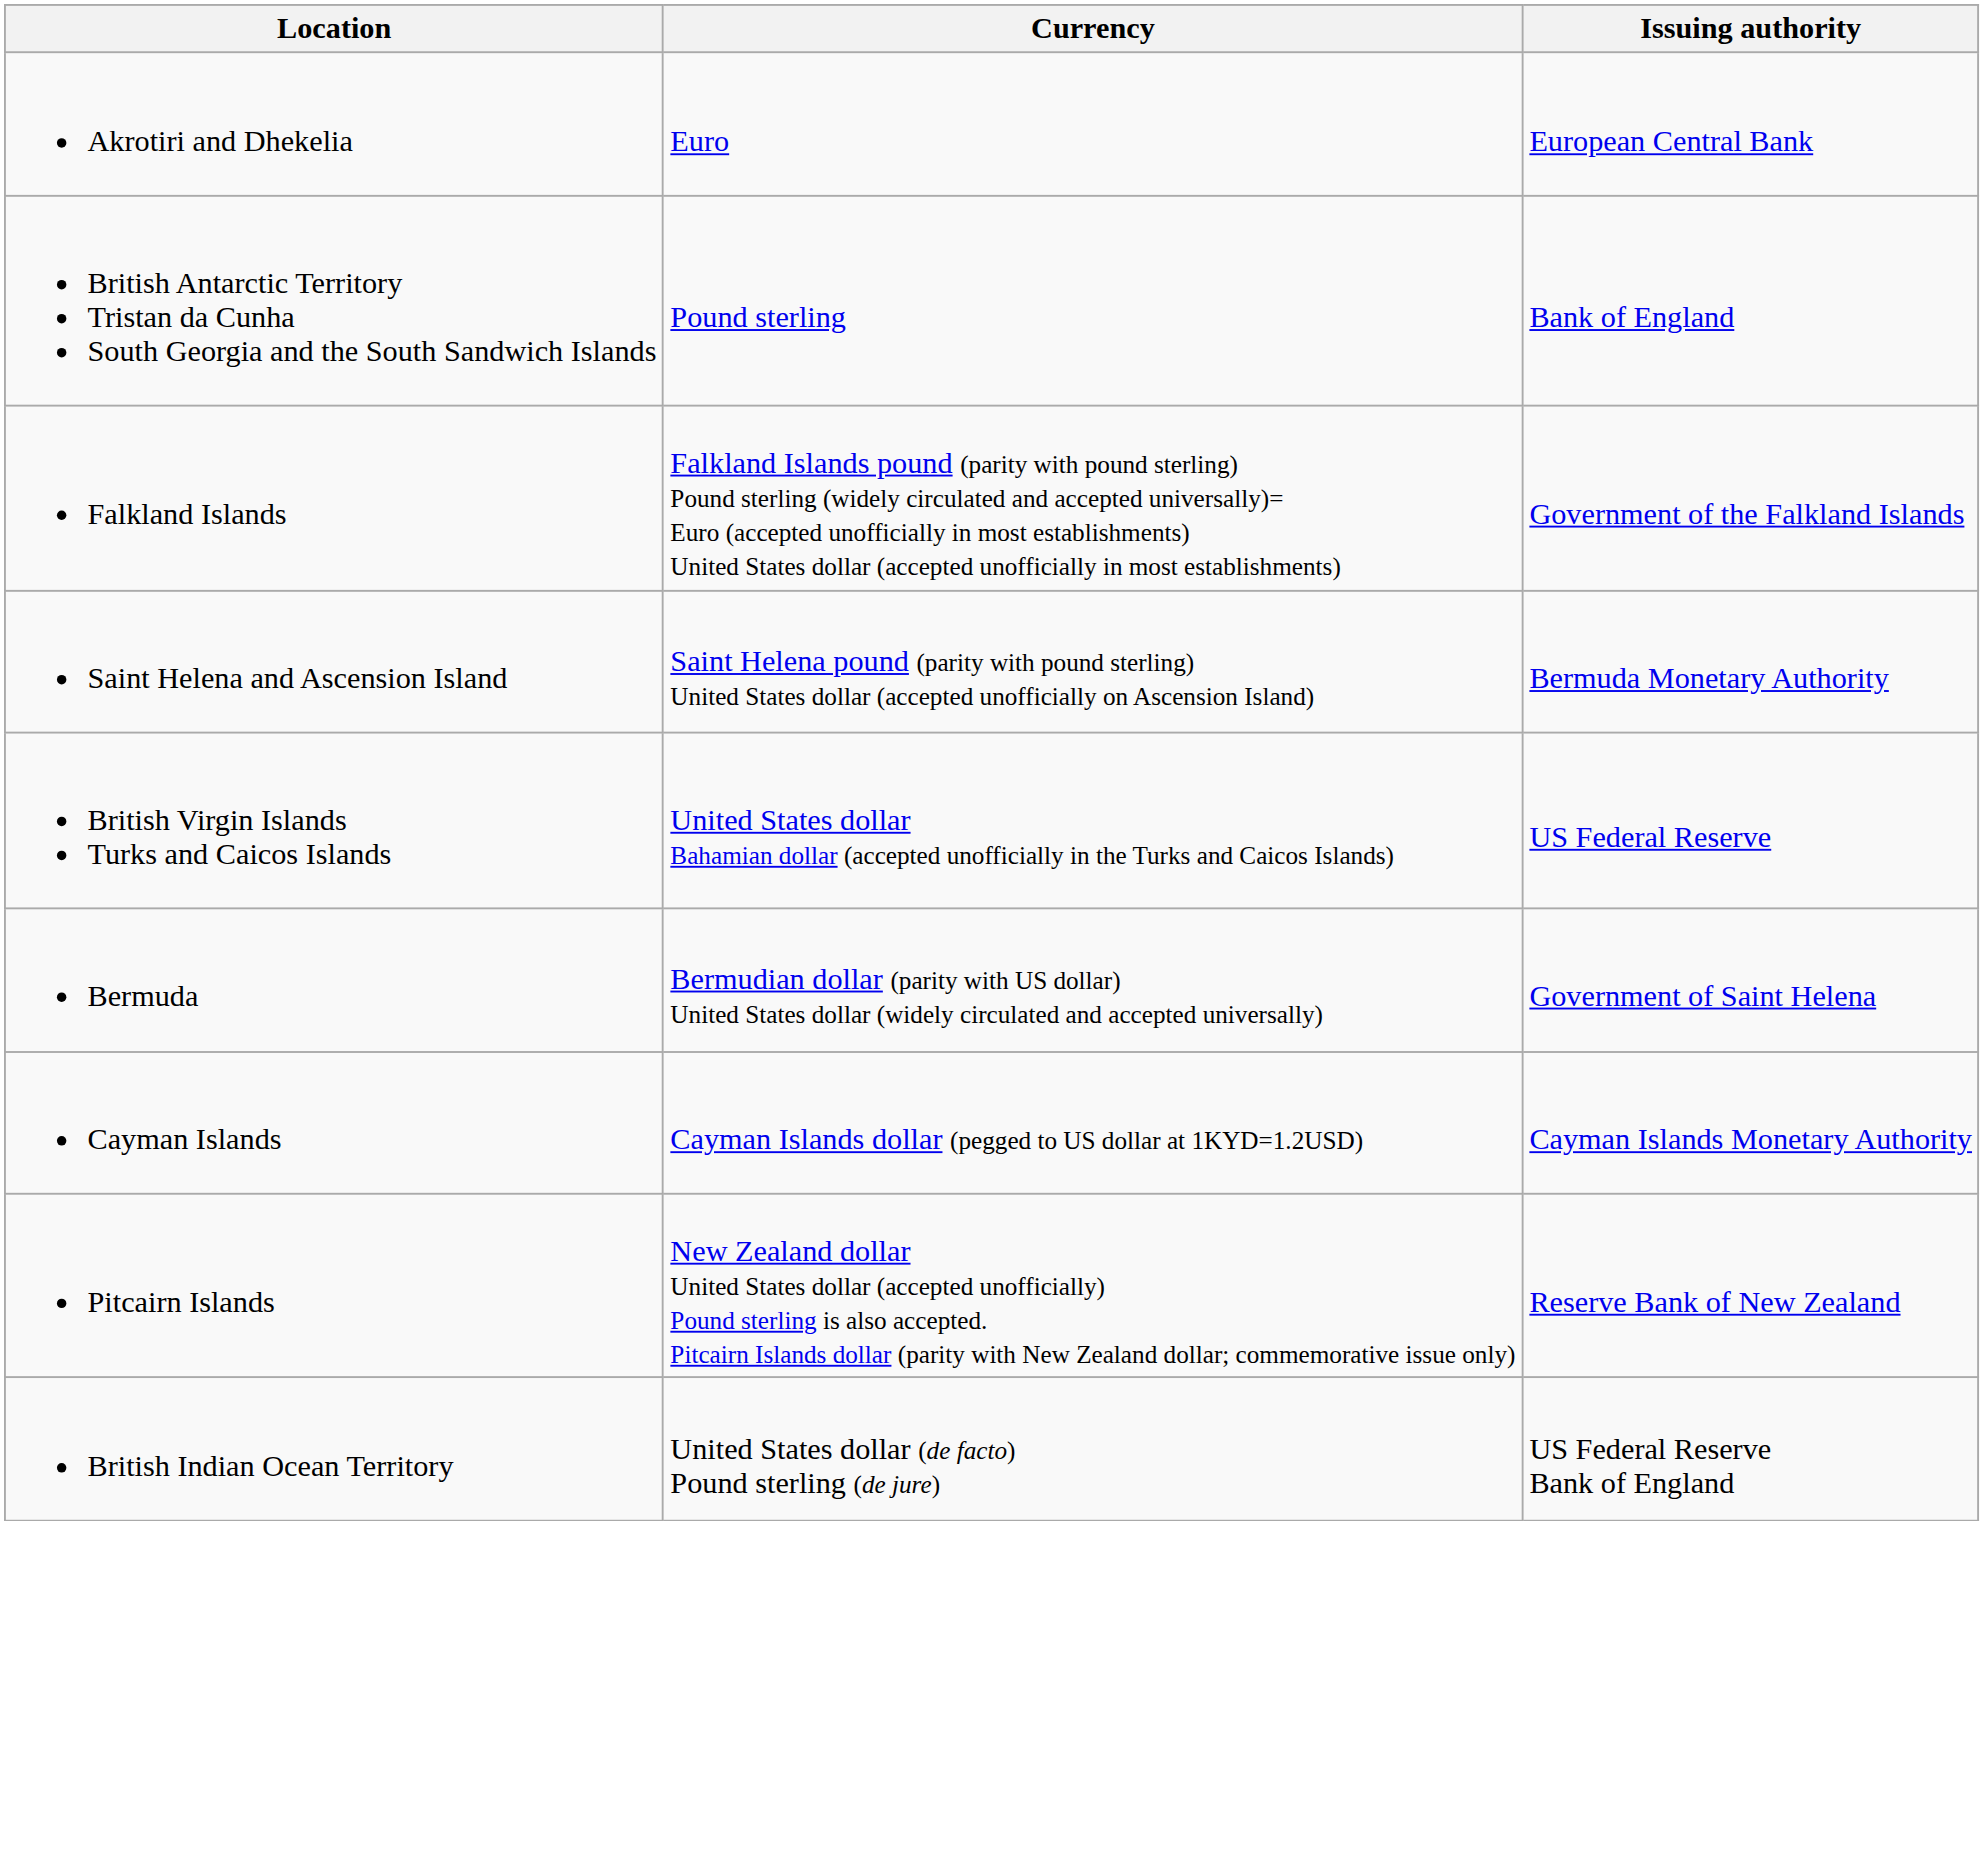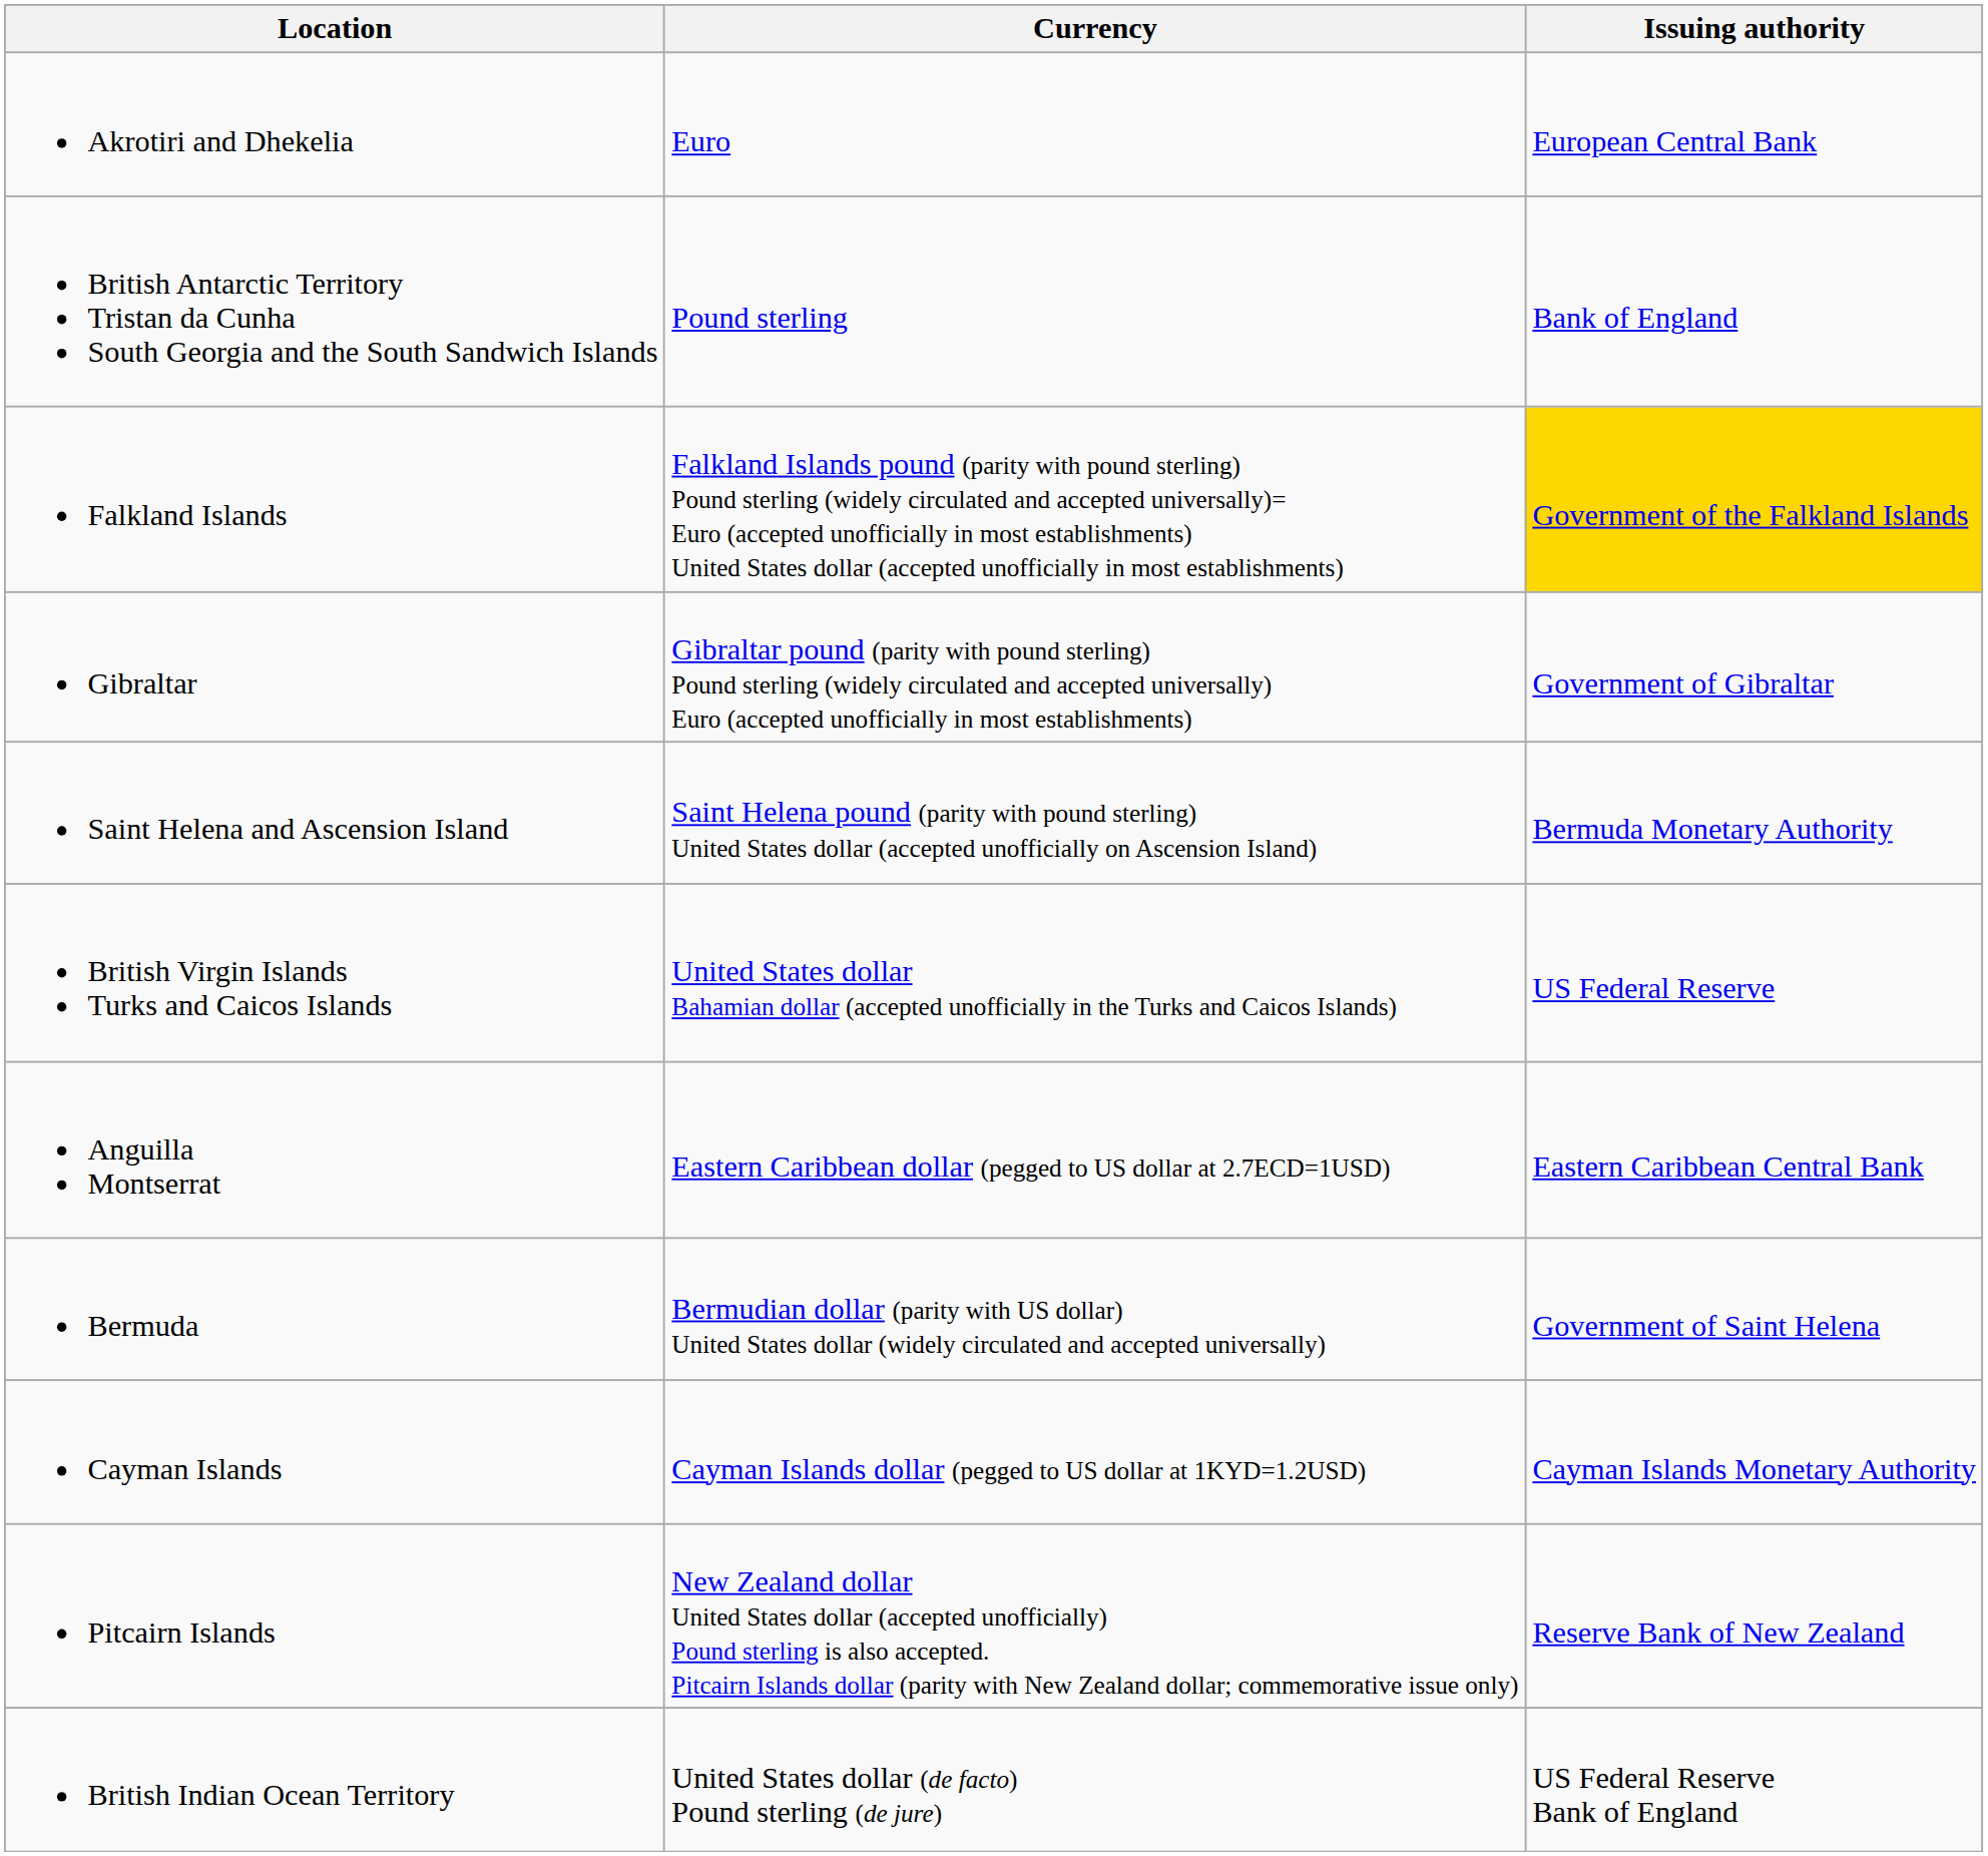 <table class="wikitable">
 <tr>
 <th>Location</th>
 <th>Currency</th>
 <th>Issuing authority</th>
 </tr>
 <tr>
 <td><br><ul><li>Akrotiri and Dhekelia</li></ul></td>
 <td><br><a href='#'>Euro</a></td>
 <td><br><a href='#'>European Central Bank</a></td>
 </tr>
 <tr>
 <td><br><ul><li>British Antarctic Territory</li><li>Tristan da Cunha</li><li>South Georgia and the South Sandwich Islands</li></ul></td>
 <td><br><a href='#'>Pound sterling</a></td>
 <td><br><a href='#'>Bank of England</a></td>
 </tr>
 <tr>
 <td><br><ul><li>Falkland Islands</li></ul></td>
 <td><br><a href='#'>Falkland Islands pound</a> <small>(parity with pound sterling)<br> Pound sterling (widely circulated and accepted universally)=<br> Euro (accepted unofficially in most establishments)<br> United States dollar (accepted unofficially in most establishments)</small></td>
-<td><br><a href='#'>Government of the Falkland Islands</a></td>
+<td style="background: gold;"><br><a href='#'>Government of the Falkland Islands</a></td>
+</tr>
+<tr>
+<td><br><ul><li>Gibraltar</li></ul></td>
+<td><br><a href='#'>Gibraltar pound</a> <small>(parity with pound sterling)<br> Pound sterling (widely circulated and accepted universally)<br> Euro (accepted unofficially in most establishments)</small></td>
+<td><br><a href='#'>Government of Gibraltar</a></td>
 </tr>
 <tr>
 <td><br><ul><li>Saint Helena and Ascension Island</li></ul></td>
 <td><br><a href='#'>Saint Helena pound</a> <small>(parity with pound sterling)<br> United States dollar (accepted unofficially on Ascension Island)</small></td>
 <td><br><a href='#'>Bermuda Monetary Authority</a></td>
 </tr>
 <tr>
 <td><br><ul><li>British Virgin Islands</li><li>Turks and Caicos Islands</li></ul></td>
 <td><br><a href='#'>United States dollar</a><br> <small><a href='#'>Bahamian dollar</a> (accepted unofficially in the Turks and Caicos Islands)</small></td>
 <td><br><a href='#'>US Federal Reserve</a></td>
+</tr>
+<tr>
+<td><br><ul><li>Anguilla</li><li>Montserrat</li></ul></td>
+<td><br><a href='#'>Eastern Caribbean dollar</a> <small>(pegged to US dollar at 2.7ECD=1USD)</small></td>
+<td><br><a href='#'>Eastern Caribbean Central Bank</a></td>
 </tr>
 <tr>
 <td><br><ul><li>Bermuda</li></ul></td>
 <td><br><a href='#'>Bermudian dollar</a> <small>(parity with US dollar)<br> United States dollar (widely circulated and accepted universally)</small></td>
 <td><br><a href='#'>Government of Saint Helena</a></td>
 </tr>
 <tr>
 <td><br><ul><li>Cayman Islands</li></ul></td>
 <td><br><a href='#'>Cayman Islands dollar</a> <small>(pegged to US dollar at 1KYD=1.2USD)</small></td>
 <td><br><a href='#'>Cayman Islands Monetary Authority</a></td>
 </tr>
 <tr>
 <td><br><ul><li>Pitcairn Islands</li></ul></td>
 <td><br><a href='#'>New Zealand dollar</a><br> <small>United States dollar (accepted unofficially)<br><a href='#'>Pound sterling</a> is also accepted.<br><a href='#'>Pitcairn Islands dollar</a> (parity with New Zealand dollar; commemorative issue only)</small></td>
 <td><br><a href='#'>Reserve Bank of New Zealand</a></td>
 </tr>
 <tr>
 <td><br><ul><li>British Indian Ocean Territory</li></ul></td>
 <td><br>United States dollar <small>(<em>de facto</em>)</small><br> Pound sterling <small>(<em>de jure</em>)</small></td>
 <td><br>US Federal Reserve<br> Bank of England</td>
 </tr>
 </table>
